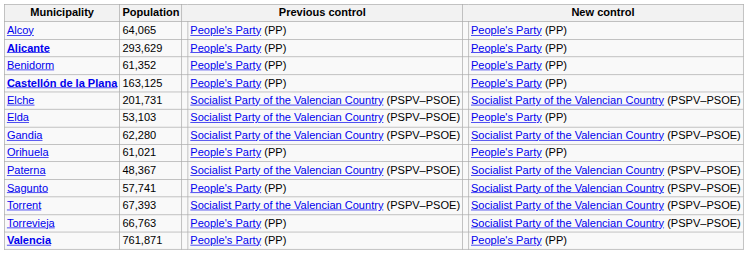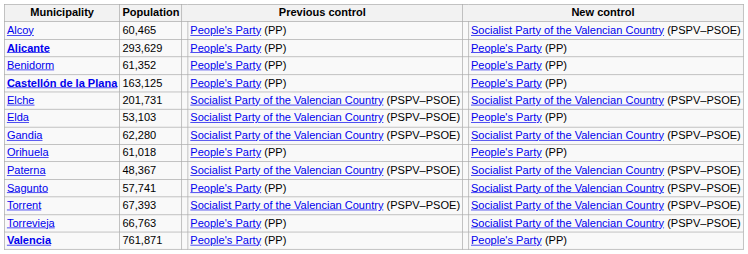 <table class="wikitable sortable">
 <tr>
 <th>Municipality</th>
 <th>Population</th>
 <th colspan="2" style="width:375px;">Previous control</th>
 <th colspan="2" style="width:375px;">New control</th>
 </tr>
 <tr>
 <td><a href='#'>Alcoy</a></td>
-<td>64,065</td>
+<td>60,465</td>
 <td width="1" style="color:inherit;background:"></td>
 <td><a href='#'>People's Party</a> (PP)</td>
 <td width="1" style="color:inherit;background:"></td>
-<td><a href='#'>People's Party</a> (PP)</td>
+<td><a href='#'>Socialist Party of the Valencian Country</a> (PSPV–PSOE)</td>
 </tr>
 <tr>
 <td><strong><a href='#'>Alicante</a></strong></td>
 <td>293,629</td>
 <td style="color:inherit;background:"></td>
 <td><a href='#'>People's Party</a> (PP)</td>
 <td style="color:inherit;background:"></td>
 <td><a href='#'>People's Party</a> (PP)</td>
 </tr>
 <tr>
 <td><a href='#'>Benidorm</a></td>
 <td>61,352</td>
 <td style="color:inherit;background:"></td>
 <td><a href='#'>People's Party</a> (PP)</td>
 <td style="color:inherit;background:"></td>
 <td><a href='#'>People's Party</a> (PP)</td>
 </tr>
 <tr>
 <td><strong><a href='#'>Castellón de la Plana</a></strong></td>
 <td>163,125</td>
 <td style="color:inherit;background:"></td>
 <td><a href='#'>People's Party</a> (PP)</td>
 <td style="color:inherit;background:"></td>
 <td><a href='#'>People's Party</a> (PP)</td>
 </tr>
 <tr>
 <td><a href='#'>Elche</a></td>
 <td>201,731</td>
 <td style="color:inherit;background:"></td>
 <td><a href='#'>Socialist Party of the Valencian Country</a> (PSPV–PSOE)</td>
 <td style="color:inherit;background:"></td>
 <td><a href='#'>Socialist Party of the Valencian Country</a> (PSPV–PSOE)</td>
 </tr>
 <tr>
 <td><a href='#'>Elda</a></td>
 <td>53,103</td>
 <td style="color:inherit;background:"></td>
 <td><a href='#'>Socialist Party of the Valencian Country</a> (PSPV–PSOE)</td>
 <td style="color:inherit;background:"></td>
 <td><a href='#'>People's Party</a> (PP)</td>
 </tr>
 <tr>
 <td><a href='#'>Gandia</a></td>
 <td>62,280</td>
 <td style="color:inherit;background:"></td>
 <td><a href='#'>Socialist Party of the Valencian Country</a> (PSPV–PSOE)</td>
 <td style="color:inherit;background:"></td>
 <td><a href='#'>Socialist Party of the Valencian Country</a> (PSPV–PSOE)</td>
 </tr>
 <tr>
 <td><a href='#'>Orihuela</a></td>
-<td>61,021</td>
+<td>61,018</td>
 <td style="color:inherit;background:"></td>
 <td><a href='#'>People's Party</a> (PP)</td>
 <td style="color:inherit;background:"></td>
 <td><a href='#'>People's Party</a> (PP)</td>
 </tr>
 <tr>
 <td><a href='#'>Paterna</a></td>
 <td>48,367</td>
 <td style="color:inherit;background:"></td>
 <td><a href='#'>Socialist Party of the Valencian Country</a> (PSPV–PSOE)</td>
 <td style="color:inherit;background:"></td>
 <td><a href='#'>Socialist Party of the Valencian Country</a> (PSPV–PSOE)</td>
 </tr>
 <tr>
 <td><a href='#'>Sagunto</a></td>
 <td>57,741</td>
 <td style="color:inherit;background:"></td>
 <td><a href='#'>People's Party</a> (PP)</td>
 <td style="color:inherit;background:"></td>
 <td><a href='#'>Socialist Party of the Valencian Country</a> (PSPV–PSOE)</td>
 </tr>
 <tr>
 <td><a href='#'>Torrent</a></td>
 <td>67,393</td>
 <td style="color:inherit;background:"></td>
 <td><a href='#'>Socialist Party of the Valencian Country</a> (PSPV–PSOE)</td>
 <td style="color:inherit;background:"></td>
 <td><a href='#'>Socialist Party of the Valencian Country</a> (PSPV–PSOE)</td>
 </tr>
 <tr>
 <td><a href='#'>Torrevieja</a></td>
 <td>66,763</td>
 <td style="color:inherit;background:"></td>
 <td><a href='#'>People's Party</a> (PP)</td>
 <td style="color:inherit;background:"></td>
 <td><a href='#'>Socialist Party of the Valencian Country</a> (PSPV–PSOE)</td>
 </tr>
 <tr>
 <td><strong><a href='#'>Valencia</a></strong></td>
 <td>761,871</td>
 <td style="color:inherit;background:"></td>
 <td><a href='#'>People's Party</a> (PP)</td>
 <td style="color:inherit;background:"></td>
 <td><a href='#'>People's Party</a> (PP)</td>
 </tr>
 </table>
